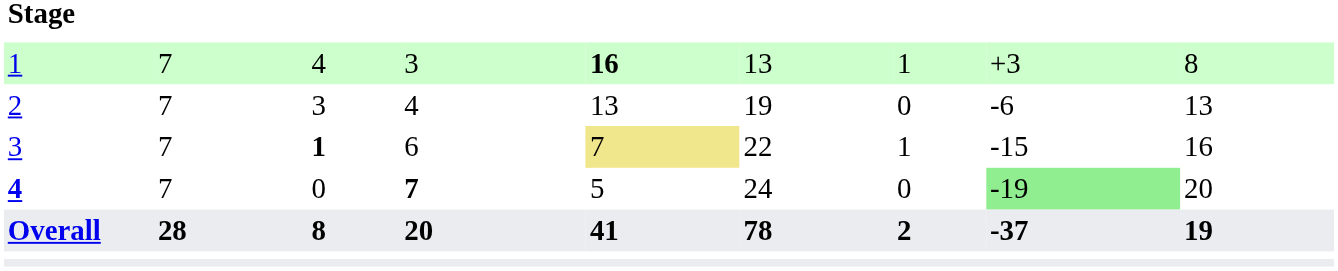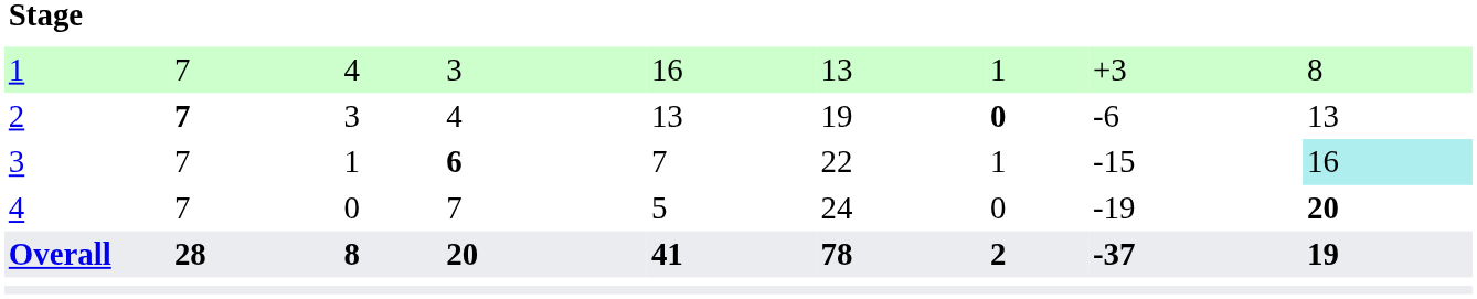 <table class="toccolours" border=0 cellpadding="2" cellspacing="0" style="font-size:95%; text-align:left; width:700px;">
 <tr align="left" style="background:#">
 <th style="width:75px">Stage</th>
 <th></th>
 <th></th>
 <th></th>
 <th></th>
 <th></th>
 <th></th>
 <th></th>
 <th></th>
 <th></th>
 </tr>
 <tr>
 <td colspan = "10"></td>
 </tr>
 <tr>
 </tr>
 <tr style="background:#cfc;">
 <td><a href='#'>1</a></td>
 <td>7</td>
 <td>4</td>
 <td>3</td>
 <td></td>
-<td><strong>16</strong></td>
+<td>16</td>
 <td>13</td>
 <td>1</td>
 <td>+3</td>
 <td>8</td>
 </tr>
 <tr>
 <td><a href='#'>2</a></td>
-<td>7</td>
+<td><strong>7</strong></td>
 <td>3</td>
 <td>4</td>
 <td></td>
 <td>13</td>
 <td>19</td>
-<td>0</td>
+<td><strong>0</strong></td>
 <td>-6</td>
 <td>13</td>
 </tr>
 <tr>
 <td><a href='#'>3</a></td>
 <td>7</td>
-<td><strong>1</strong></td>
-<td>6</td>
+<td>1</td>
+<td><strong>6</strong></td>
 <td></td>
-<td style="background: khaki;">7</td>
+<td>7</td>
 <td>22</td>
 <td>1</td>
 <td>-15</td>
-<td>16</td>
+<td style="background: paleturquoise;">16</td>
 </tr>
 <tr>
-<td><strong><a href='#'>4</a></strong></td>
+<td><a href='#'>4</a></td>
 <td>7</td>
 <td>0</td>
-<td><strong>7</strong></td>
+<td>7</td>
 <td></td>
 <td>5</td>
 <td>24</td>
 <td>0</td>
-<td style="background: lightgreen;">-19</td>
-<td>20</td>
+<td>-19</td>
+<td><strong>20</strong></td>
 </tr>
 <tr style="background-color:#EAECF0;">
 <th><a href='#'>Overall</a></th>
 <th>28</th>
 <th>8</th>
 <th>20</th>
 <th></th>
 <th>41</th>
 <th>78</th>
 <th>2</th>
 <th>-37</th>
 <th>19</th>
 </tr>
 <tr>
 <td colspan="10"></td>
 </tr>
 <tr align="left" style="background:#EAECF0; color:#000;">
 <td colspan="10" style="text-align:center;"> </td>
 </tr>
 </table>
